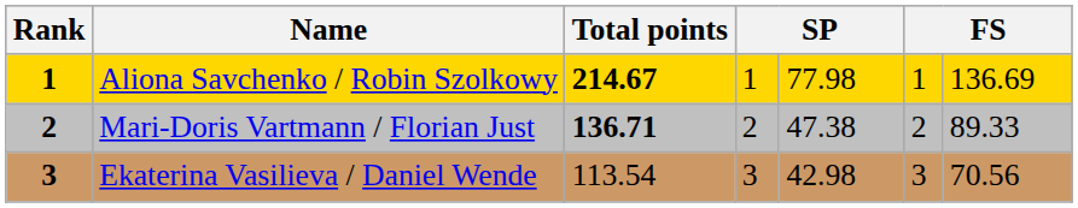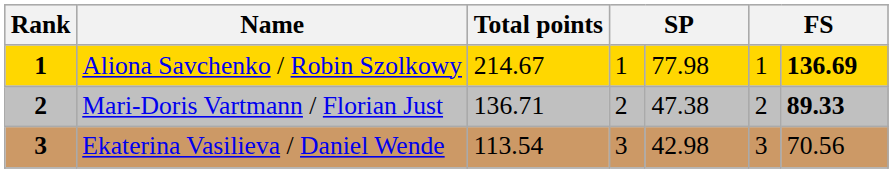 <table class="wikitable">
 <tr>
 <th>Rank</th>
 <th>Name</th>
 <th>Total points</th>
 <th colspan="2" width="80px">SP</th>
 <th colspan="2" width="80px">FS</th>
 </tr>
 <tr bgcolor="gold">
 <td align="center"><strong>1</strong></td>
 <td><a href='#'>Aliona Savchenko</a> / <a href='#'>Robin Szolkowy</a></td>
-<td><strong>214.67</strong></td>
+<td>214.67</td>
 <td>1</td>
 <td>77.98</td>
 <td>1</td>
-<td>136.69</td>
+<td><strong>136.69</strong></td>
 </tr>
 <tr bgcolor="silver">
 <td align="center"><strong>2</strong></td>
 <td><a href='#'>Mari-Doris Vartmann</a> / <a href='#'>Florian Just</a></td>
-<td><strong>136.71</strong></td>
+<td>136.71</td>
 <td>2</td>
 <td>47.38</td>
 <td>2</td>
-<td>89.33</td>
+<td><strong>89.33</strong></td>
 </tr>
 <tr bgcolor="cc9966">
 <td align="center"><strong>3</strong></td>
 <td><a href='#'>Ekaterina Vasilieva</a> / <a href='#'>Daniel Wende</a></td>
 <td>113.54</td>
 <td>3</td>
 <td>42.98</td>
 <td>3</td>
 <td>70.56</td>
 </tr>
 </table>
